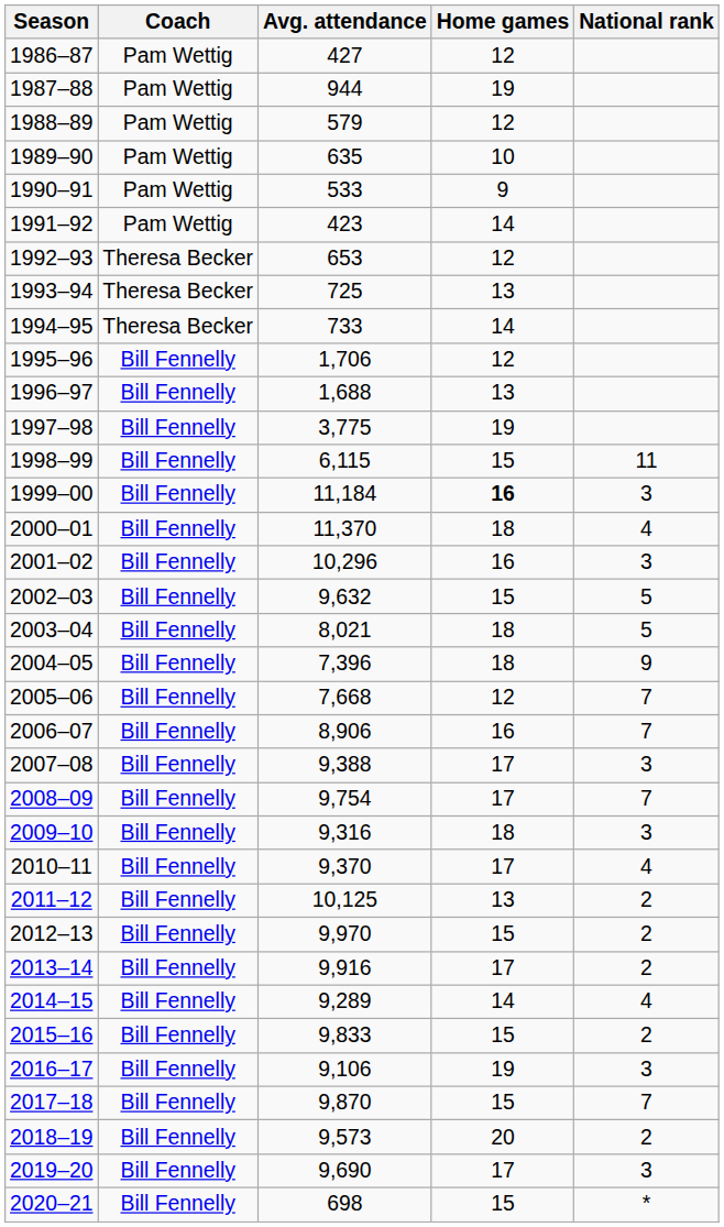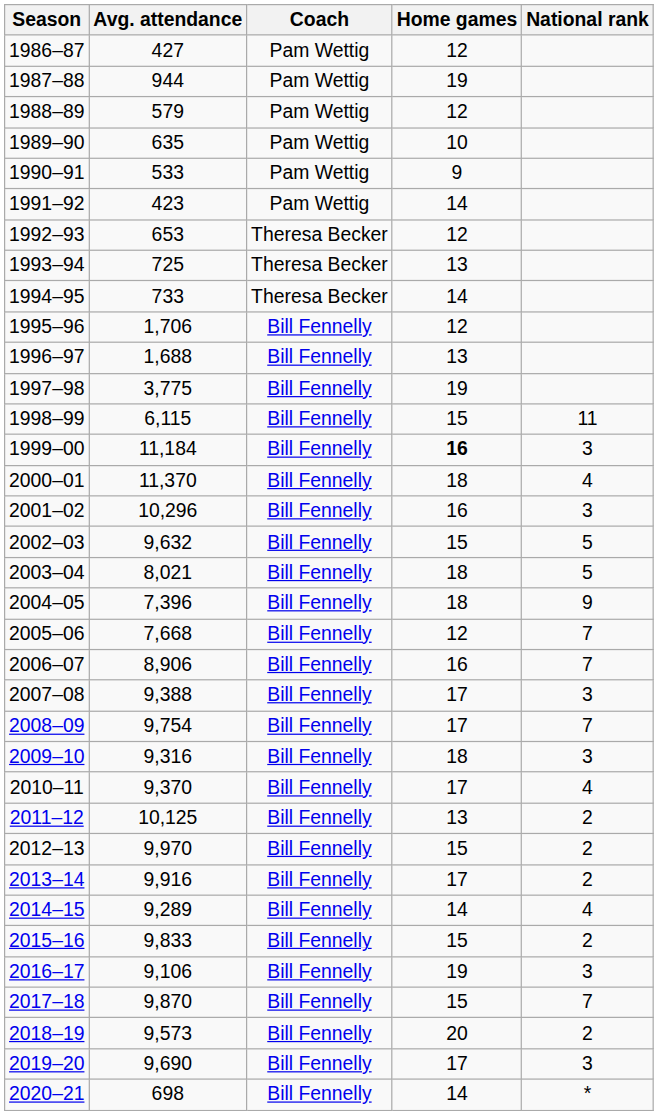 <table class="wikitable" style="text-align: center">
 <tr align=center>
 <th>Season</th>
+<th>Avg. attendance</th>
 <th>Coach</th>
-<th>Avg. attendance</th>
 <th>Home games</th>
 <th>National rank</th>
 </tr>
 <tr>
 <td>1986–87</td>
+<td>427</td>
 <td>Pam Wettig</td>
-<td>427</td>
 <td>12</td>
 <td></td>
 </tr>
 <tr>
 <td>1987–88</td>
+<td>944</td>
 <td>Pam Wettig</td>
-<td>944</td>
 <td>19</td>
 <td></td>
 </tr>
 <tr>
 <td>1988–89</td>
+<td>579</td>
 <td>Pam Wettig</td>
-<td>579</td>
 <td>12</td>
 <td></td>
 </tr>
 <tr>
 <td>1989–90</td>
+<td>635</td>
 <td>Pam Wettig</td>
-<td>635</td>
 <td>10</td>
 <td></td>
 </tr>
 <tr>
 <td>1990–91</td>
+<td>533</td>
 <td>Pam Wettig</td>
-<td>533</td>
 <td>9</td>
 <td></td>
 </tr>
 <tr>
 <td>1991–92</td>
+<td>423</td>
 <td>Pam Wettig</td>
-<td>423</td>
 <td>14</td>
 <td></td>
 </tr>
 <tr>
 <td>1992–93</td>
+<td>653</td>
 <td>Theresa Becker</td>
-<td>653</td>
 <td>12</td>
 <td></td>
 </tr>
 <tr>
 <td>1993–94</td>
+<td>725</td>
 <td>Theresa Becker</td>
-<td>725</td>
 <td>13</td>
 <td></td>
 </tr>
 <tr>
 <td>1994–95</td>
+<td>733</td>
 <td>Theresa Becker</td>
-<td>733</td>
 <td>14</td>
 <td></td>
 </tr>
 <tr>
 <td>1995–96</td>
+<td>1,706</td>
 <td><a href='#'>Bill Fennelly</a></td>
-<td>1,706</td>
 <td>12</td>
 <td></td>
 </tr>
 <tr>
 <td>1996–97</td>
+<td>1,688</td>
 <td><a href='#'>Bill Fennelly</a></td>
-<td>1,688</td>
 <td>13</td>
 <td></td>
 </tr>
 <tr>
 <td>1997–98</td>
+<td>3,775</td>
 <td><a href='#'>Bill Fennelly</a></td>
-<td>3,775</td>
 <td>19</td>
 <td></td>
 </tr>
 <tr>
 <td>1998–99</td>
+<td>6,115</td>
 <td><a href='#'>Bill Fennelly</a></td>
-<td>6,115</td>
 <td>15</td>
 <td>11</td>
 </tr>
 <tr>
 <td>1999–00</td>
+<td>11,184</td>
 <td><a href='#'>Bill Fennelly</a></td>
-<td>11,184</td>
 <td><strong>16</strong></td>
 <td>3</td>
 </tr>
 <tr>
 <td>2000–01</td>
+<td>11,370</td>
 <td><a href='#'>Bill Fennelly</a></td>
-<td>11,370</td>
 <td>18</td>
 <td>4</td>
 </tr>
 <tr>
 <td>2001–02</td>
+<td>10,296</td>
 <td><a href='#'>Bill Fennelly</a></td>
-<td>10,296</td>
 <td>16</td>
 <td>3</td>
 </tr>
 <tr>
 <td>2002–03</td>
+<td>9,632</td>
 <td><a href='#'>Bill Fennelly</a></td>
-<td>9,632</td>
 <td>15</td>
 <td>5</td>
 </tr>
 <tr>
 <td>2003–04</td>
+<td>8,021</td>
 <td><a href='#'>Bill Fennelly</a></td>
-<td>8,021</td>
 <td>18</td>
 <td>5</td>
 </tr>
 <tr>
 <td>2004–05</td>
+<td>7,396</td>
 <td><a href='#'>Bill Fennelly</a></td>
-<td>7,396</td>
 <td>18</td>
 <td>9</td>
 </tr>
 <tr>
 <td>2005–06</td>
+<td>7,668</td>
 <td><a href='#'>Bill Fennelly</a></td>
-<td>7,668</td>
 <td>12</td>
 <td>7</td>
 </tr>
 <tr>
 <td>2006–07</td>
+<td>8,906</td>
 <td><a href='#'>Bill Fennelly</a></td>
-<td>8,906</td>
 <td>16</td>
 <td>7</td>
 </tr>
 <tr>
 <td>2007–08</td>
+<td>9,388</td>
 <td><a href='#'>Bill Fennelly</a></td>
-<td>9,388</td>
 <td>17</td>
 <td>3</td>
 </tr>
 <tr>
 <td><a href='#'>2008–09</a></td>
+<td>9,754</td>
 <td><a href='#'>Bill Fennelly</a></td>
-<td>9,754</td>
 <td>17</td>
 <td>7</td>
 </tr>
 <tr>
 <td><a href='#'>2009–10</a></td>
+<td>9,316</td>
 <td><a href='#'>Bill Fennelly</a></td>
-<td>9,316</td>
 <td>18</td>
 <td>3</td>
 </tr>
 <tr>
 <td>2010–11</td>
+<td>9,370</td>
 <td><a href='#'>Bill Fennelly</a></td>
-<td>9,370</td>
 <td>17</td>
 <td>4</td>
 </tr>
 <tr>
 <td><a href='#'>2011–12</a></td>
+<td>10,125</td>
 <td><a href='#'>Bill Fennelly</a></td>
-<td>10,125</td>
 <td>13</td>
 <td>2</td>
 </tr>
 <tr>
 <td>2012–13</td>
+<td>9,970</td>
 <td><a href='#'>Bill Fennelly</a></td>
-<td>9,970</td>
 <td>15</td>
 <td>2</td>
 </tr>
 <tr>
 <td><a href='#'>2013–14</a></td>
+<td>9,916</td>
 <td><a href='#'>Bill Fennelly</a></td>
-<td>9,916</td>
 <td>17</td>
 <td>2</td>
 </tr>
 <tr>
 <td><a href='#'>2014–15</a></td>
+<td>9,289</td>
 <td><a href='#'>Bill Fennelly</a></td>
-<td>9,289</td>
 <td>14</td>
 <td>4</td>
 </tr>
 <tr>
 <td><a href='#'>2015–16</a></td>
+<td>9,833</td>
 <td><a href='#'>Bill Fennelly</a></td>
-<td>9,833</td>
 <td>15</td>
 <td>2</td>
 </tr>
 <tr>
 <td><a href='#'>2016–17</a></td>
+<td>9,106</td>
 <td><a href='#'>Bill Fennelly</a></td>
-<td>9,106</td>
 <td>19</td>
 <td>3</td>
 </tr>
 <tr>
 <td><a href='#'>2017–18</a></td>
+<td>9,870</td>
 <td><a href='#'>Bill Fennelly</a></td>
-<td>9,870</td>
 <td>15</td>
 <td>7</td>
 </tr>
 <tr>
 <td><a href='#'>2018–19</a></td>
+<td>9,573</td>
 <td><a href='#'>Bill Fennelly</a></td>
-<td>9,573</td>
 <td>20</td>
 <td>2</td>
 </tr>
 <tr>
 <td><a href='#'>2019–20</a></td>
+<td>9,690</td>
 <td><a href='#'>Bill Fennelly</a></td>
-<td>9,690</td>
 <td>17</td>
 <td>3</td>
 </tr>
 <tr>
 <td><a href='#'>2020–21</a></td>
+<td>698</td>
 <td><a href='#'>Bill Fennelly</a></td>
-<td>698</td>
-<td>15</td>
+<td>14</td>
 <td>*</td>
 </tr>
 </table>
